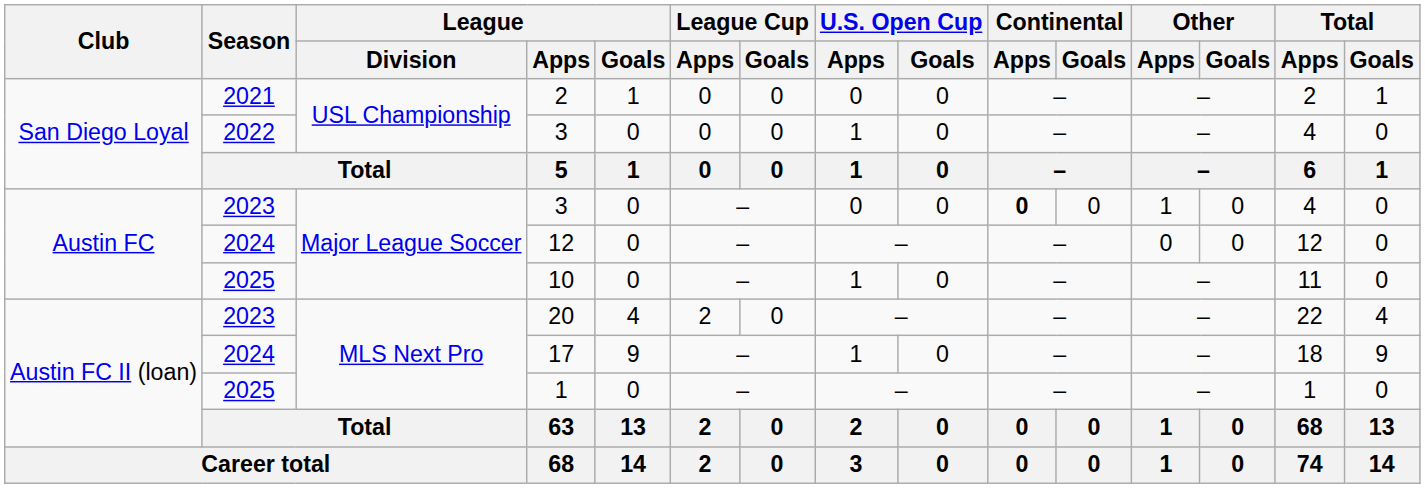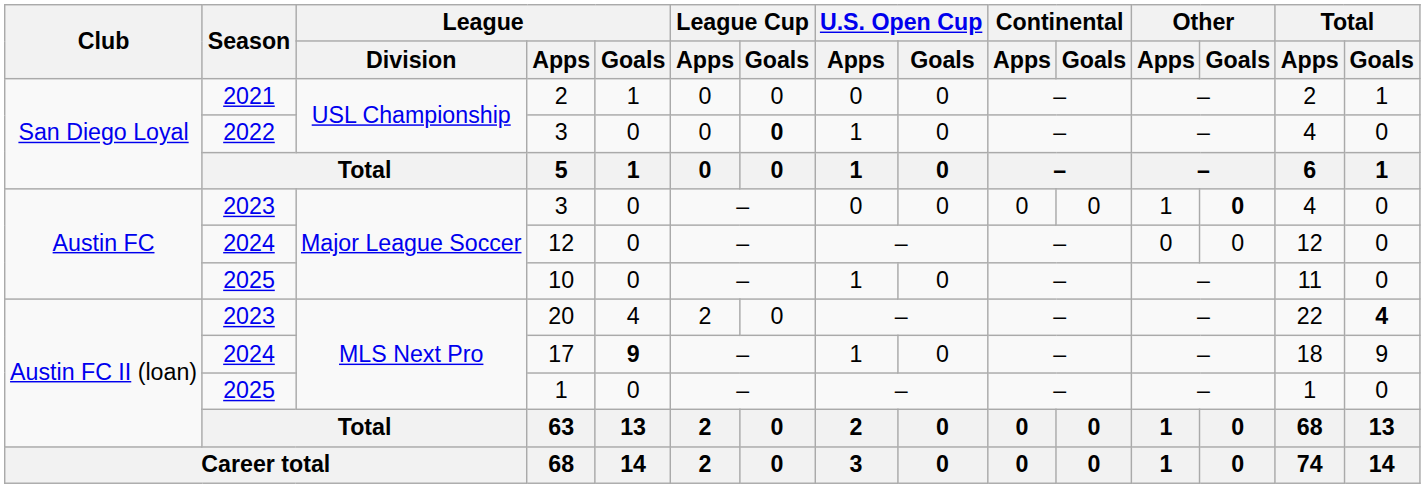 <table class=wikitable style=text-align:center>
 <tr>
 <th rowspan=2>Club</th>
 <th rowspan=2>Season</th>
 <th colspan=3>League</th>
 <th colspan=2>League Cup</th>
 <th colspan=2><a href='#'>U.S. Open Cup</a></th>
 <th colspan=2>Continental</th>
 <th colspan=2>Other</th>
 <th colspan=2>Total</th>
 </tr>
 <tr>
 <th>Division</th>
 <th>Apps</th>
 <th>Goals</th>
 <th>Apps</th>
 <th>Goals</th>
 <th>Apps</th>
 <th>Goals</th>
 <th>Apps</th>
 <th>Goals</th>
 <th>Apps</th>
 <th>Goals</th>
 <th>Apps</th>
 <th>Goals</th>
 </tr>
 <tr>
 <td rowspan=3><a href='#'>San Diego Loyal</a></td>
 <td><a href='#'>2021</a></td>
 <td rowspan=2><a href='#'>USL Championship</a></td>
 <td>2</td>
 <td>1</td>
 <td>0</td>
 <td>0</td>
 <td>0</td>
 <td>0</td>
 <td colspan="2">–</td>
 <td colspan="2">–</td>
 <td>2</td>
 <td>1</td>
 </tr>
 <tr>
 <td><a href='#'>2022</a></td>
 <td>3</td>
 <td>0</td>
 <td>0</td>
-<td>0</td>
+<td><strong>0</strong></td>
 <td>1</td>
 <td>0</td>
 <td colspan="2">–</td>
 <td colspan="2">–</td>
 <td>4</td>
 <td>0</td>
 </tr>
 <tr>
 <th colspan=2>Total</th>
 <th>5</th>
 <th>1</th>
 <th>0</th>
 <th>0</th>
 <th>1</th>
 <th>0</th>
 <th colspan="2">–</th>
 <th colspan="2">–</th>
 <th>6</th>
 <th>1</th>
 </tr>
 <tr>
 <td rowspan=3><a href='#'>Austin FC</a></td>
 <td><a href='#'>2023</a></td>
 <td rowspan=3><a href='#'>Major League Soccer</a></td>
 <td>3</td>
 <td>0</td>
 <td colspan="2">–</td>
 <td>0</td>
 <td>0</td>
-<td><strong>0</strong></td>
+<td>0</td>
 <td>0</td>
 <td>1</td>
-<td>0</td>
+<td><strong>0</strong></td>
 <td>4</td>
 <td>0</td>
 </tr>
 <tr>
 <td><a href='#'>2024</a></td>
 <td>12</td>
 <td>0</td>
 <td colspan="2">–</td>
 <td colspan="2">–</td>
 <td colspan="2">–</td>
 <td>0</td>
 <td>0</td>
 <td>12</td>
 <td>0</td>
 </tr>
 <tr>
 <td><a href='#'>2025</a></td>
 <td>10</td>
 <td>0</td>
 <td colspan="2">–</td>
 <td>1</td>
 <td>0</td>
 <td colspan="2">–</td>
 <td colspan="2">–</td>
 <td>11</td>
 <td>0</td>
 </tr>
 <tr>
 <td rowspan=4><a href='#'>Austin FC II</a> (loan)</td>
 <td><a href='#'>2023</a></td>
 <td rowspan=3><a href='#'>MLS Next Pro</a></td>
 <td>20</td>
 <td>4</td>
 <td>2</td>
 <td>0</td>
 <td colspan="2">–</td>
 <td colspan="2">–</td>
 <td colspan="2">–</td>
 <td>22</td>
-<td>4</td>
+<td><strong>4</strong></td>
 </tr>
 <tr>
 <td><a href='#'>2024</a></td>
 <td>17</td>
-<td>9</td>
+<td><strong>9</strong></td>
 <td colspan="2">–</td>
 <td>1</td>
 <td>0</td>
 <td colspan="2">–</td>
 <td colspan="2">–</td>
 <td>18</td>
 <td>9</td>
 </tr>
 <tr>
 <td><a href='#'>2025</a></td>
 <td>1</td>
 <td>0</td>
 <td colspan="2">–</td>
 <td colspan="2">–</td>
 <td colspan="2">–</td>
 <td colspan="2">–</td>
 <td>1</td>
 <td>0</td>
 </tr>
 <tr>
 <th colspan=2>Total</th>
 <th>63</th>
 <th>13</th>
 <th>2</th>
 <th>0</th>
 <th>2</th>
 <th>0</th>
 <th>0</th>
 <th>0</th>
 <th>1</th>
 <th>0</th>
 <th>68</th>
 <th>13</th>
 </tr>
 <tr>
 <th colspan=3>Career total</th>
 <th>68</th>
 <th>14</th>
 <th>2</th>
 <th>0</th>
 <th>3</th>
 <th>0</th>
 <th>0</th>
 <th>0</th>
 <th>1</th>
 <th>0</th>
 <th>74</th>
 <th>14</th>
 </tr>
 </table>
